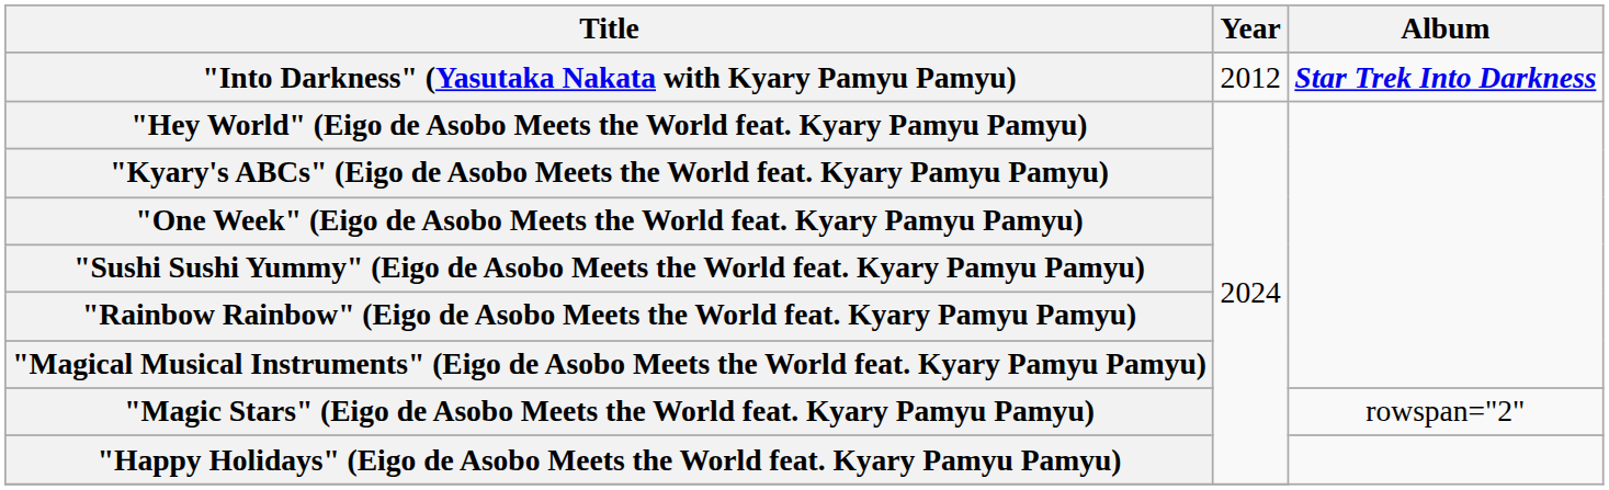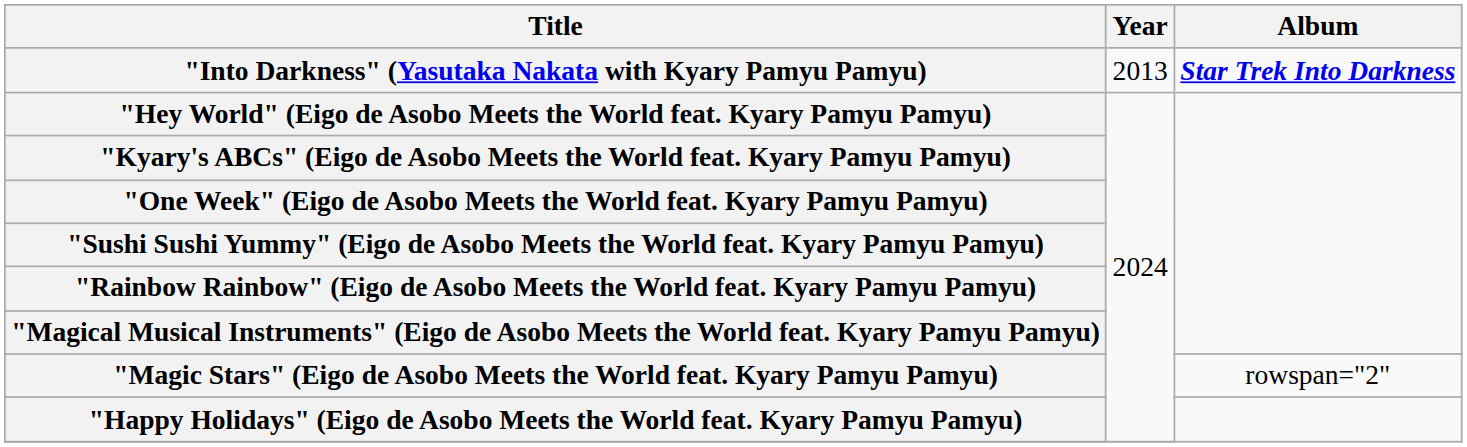 <table class="wikitable plainrowheaders" style="text-align:center;">
 <tr>
 <th scope="col">Title</th>
 <th scope="col">Year</th>
 <th scope="col">Album</th>
 </tr>
 <tr>
 <th scope="row">"Into Darkness" <span>(<a href='#'>Yasutaka Nakata</a> with Kyary Pamyu Pamyu)</span></th>
-<td>2012</td>
+<td>2013</td>
 <td><strong><em><a href='#'>Star Trek Into Darkness</a></em></strong></td>
 </tr>
 <tr>
 <th scope="row">"Hey World" <span>(Eigo de Asobo Meets the World feat. Kyary Pamyu Pamyu)</span></th>
 <td rowspan="8">2024</td>
 <td rowspan="6"><em></td>
 </tr>
 <tr>
 <th scope="row">"Kyary's ABCs" <span>(Eigo de Asobo Meets the World feat. Kyary Pamyu Pamyu)</span></th>
 </tr>
 <tr>
 <th scope="row">"One Week" <span>(Eigo de Asobo Meets the World feat. Kyary Pamyu Pamyu)</span></th>
 </tr>
 <tr>
 <th scope="row">"Sushi Sushi Yummy" <span>(Eigo de Asobo Meets the World feat. Kyary Pamyu Pamyu)</span></th>
 </tr>
 <tr>
 <th scope="row">"Rainbow Rainbow" <span>(Eigo de Asobo Meets the World feat. Kyary Pamyu Pamyu)</span></th>
 </tr>
 <tr>
 <th scope="row">"Magical Musical Instruments" <span>(Eigo de Asobo Meets the World feat. Kyary Pamyu Pamyu)</span></th>
 </tr>
 <tr>
 <th scope="row">"Magic Stars" <span>(Eigo de Asobo Meets the World feat. Kyary Pamyu Pamyu)</span></th>
 <td>rowspan="2"</td>
 </tr>
 <tr>
 <th scope="row">"Happy Holidays" <span>(Eigo de Asobo Meets the World feat. Kyary Pamyu Pamyu)</span></th>
 </tr>
 <tr>
 </tr>
 </table>
